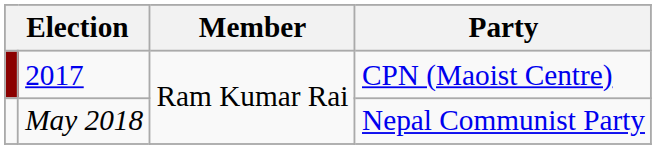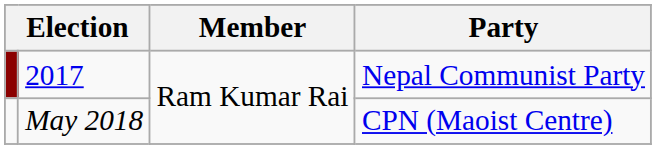 <table class="wikitable">
 <tr>
 <th colspan="2">Election</th>
 <th>Member</th>
 <th>Party</th>
 </tr>
 <tr>
 <td style="background-color:darkred"></td>
 <td><a href='#'>2017</a></td>
 <td rowspan="2">Ram Kumar Rai</td>
-<td><a href='#'>CPN (Maoist Centre)</a></td>
+<td><a href='#'>Nepal Communist Party</a></td>
 </tr>
 <tr>
 <td style="background-color:"></td>
 <td><em>May 2018</em></td>
-<td><a href='#'>Nepal Communist Party</a></td>
+<td><a href='#'>CPN (Maoist Centre)</a></td>
 </tr>
 </table>
